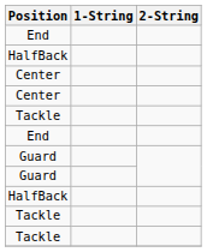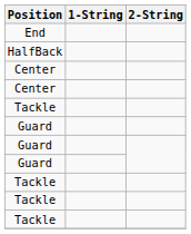 <table class="wikitable" style="text-align: center;">
 <tr>
 <th>Position</th>
 <th>1-String</th>
 <th>2-String</th>
 </tr>
 <tr>
 <td>End</td>
 <td></td>
 <td></td>
 </tr>
 <tr>
 <td>HalfBack</td>
 <td></td>
 <td></td>
 </tr>
 <tr>
 <td>Center</td>
 <td></td>
 <td></td>
 </tr>
 <tr>
 <td>Center</td>
 <td></td>
 <td></td>
 </tr>
 <tr>
 <td>Tackle</td>
 <td></td>
 <td></td>
 </tr>
 <tr>
-<td>End</td>
+<td>Guard</td>
 <td></td>
 <td></td>
 </tr>
 <tr>
 <td>Guard</td>
 <td></td>
 </tr>
 <tr>
 <td>Guard</td>
 <td></td>
 </tr>
 <tr>
-<td>HalfBack</td>
+<td>Tackle</td>
 <td></td>
 <td></td>
 </tr>
 <tr>
 <td>Tackle</td>
 <td></td>
 <td></td>
 </tr>
 <tr>
 <td>Tackle</td>
 <td></td>
 <td></td>
 </tr>
 <tr>
 </tr>
 </table>
